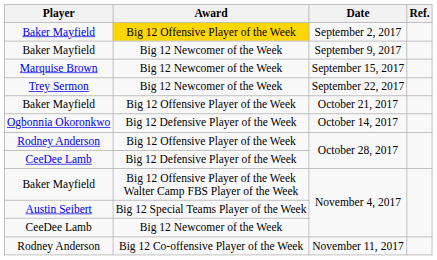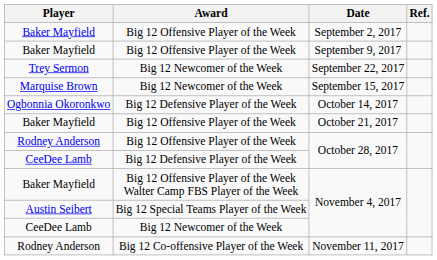 <table class="wikitable sortable sortable" style="text-align: center">
 <tr align=center>
 <th>Player</th>
 <th>Award</th>
 <th>Date</th>
 <th>Ref.</th>
 </tr>
 <tr>
 <td><a href='#'>Baker Mayfield</a></td>
-<td style="background: gold;">Big 12 Offensive Player of the Week</td>
+<td>Big 12 Offensive Player of the Week</td>
 <td>September 2, 2017</td>
 <td></td>
 </tr>
 <tr>
 <td>Baker Mayfield</td>
+<td>Big 12 Offensive Player of the Week</td>
+<td>September 9, 2017</td>
+<td></td>
+</tr>
+<tr>
+<td><a href='#'>Trey Sermon</a></td>
 <td>Big 12 Newcomer of the Week</td>
-<td>September 9, 2017</td>
+<td>September 22, 2017</td>
 <td></td>
 </tr>
 <tr>
 <td><a href='#'>Marquise Brown</a></td>
 <td>Big 12 Newcomer of the Week</td>
 <td>September 15, 2017</td>
 <td></td>
 </tr>
 <tr>
-<td><a href='#'>Trey Sermon</a></td>
-<td>Big 12 Newcomer of the Week</td>
-<td>September 22, 2017</td>
+<td><a href='#'>Ogbonnia Okoronkwo</a></td>
+<td>Big 12 Defensive Player of the Week</td>
+<td>October 14, 2017</td>
 <td></td>
 </tr>
 <tr>
 <td>Baker Mayfield</td>
 <td>Big 12 Offensive Player of the Week</td>
 <td>October 21, 2017</td>
-<td></td>
-</tr>
-<tr>
-<td><a href='#'>Ogbonnia Okoronkwo</a></td>
-<td>Big 12 Defensive Player of the Week</td>
-<td>October 14, 2017</td>
 <td></td>
 </tr>
 <tr>
 <td><a href='#'>Rodney Anderson</a></td>
 <td>Big 12 Offensive Player of the Week</td>
 <td rowspan="2">October 28, 2017</td>
 <td rowspan="2"></td>
 </tr>
 <tr>
 <td><a href='#'>CeeDee Lamb</a></td>
 <td>Big 12 Defensive Player of the Week</td>
 </tr>
 <tr>
 <td>Baker Mayfield</td>
 <td>Big 12 Offensive Player of the Week<br>Walter Camp FBS Player of the Week</td>
 <td rowspan="3">November 4, 2017</td>
 <td rowspan="3"><br></td>
 </tr>
 <tr>
 <td><a href='#'>Austin Seibert</a></td>
 <td>Big 12 Special Teams Player of the Week</td>
 </tr>
 <tr>
 <td>CeeDee Lamb</td>
 <td>Big 12 Newcomer of the Week</td>
 </tr>
 <tr>
 <td>Rodney Anderson</td>
 <td>Big 12 Co-offensive Player of the Week</td>
 <td>November 11, 2017</td>
 <td></td>
 </tr>
 </table>
